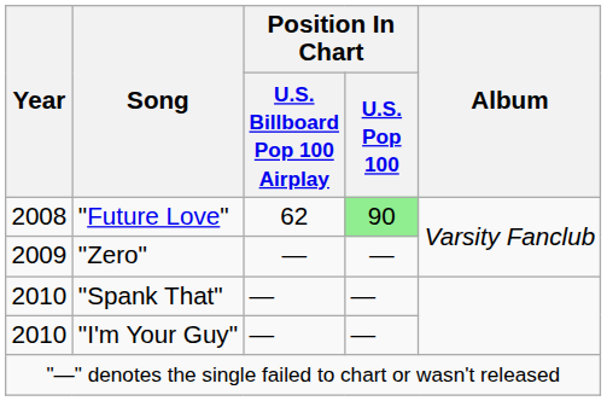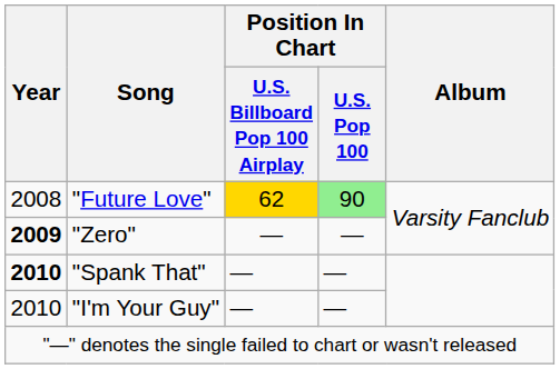 <table class="wikitable">
 <tr>
 <th rowspan="2">Year</th>
 <th rowspan="2">Song</th>
 <th colspan="2">Position In Chart</th>
 <th rowspan="2">Album</th>
 </tr>
 <tr>
 <th width="40"><small><a href='#'>U.S. Billboard Pop 100 Airplay</a></small></th>
 <th width="40"><small><a href='#'>U.S. Pop 100</a></small></th>
 </tr>
 <tr>
 <td rowspan="1" align="center">2008</td>
 <td align="left">"<a href='#'>Future Love</a>"</td>
-<td align="center">62</td>
+<td align="center" style="background: gold;">62</td>
 <td align="center" style="background: lightgreen;">90</td>
 <td rowspan="2" align="left"><em>Varsity Fanclub</em></td>
 </tr>
 <tr>
-<td rowspan="1" align="center">2009</td>
+<td rowspan="1" align="center"><strong>2009</strong></td>
 <td align="left">"Zero"</td>
 <td align="center">—</td>
 <td align="center">—</td>
 </tr>
 <tr>
-<td>2010</td>
+<td><strong>2010</strong></td>
 <td>"Spank That"</td>
 <td>—</td>
 <td>—</td>
 <td rowspan="2"></td>
 </tr>
 <tr>
 <td>2010</td>
 <td>"I'm Your Guy"</td>
 <td>—</td>
 <td>—</td>
 </tr>
 <tr>
 <td colspan="6" align="center"><small>"—" denotes the single failed to chart or wasn't released</small></td>
 </tr>
 </table>
